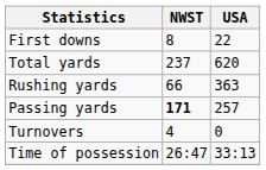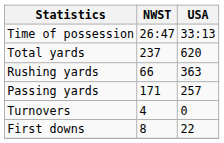 <table class="wikitable" style="float: left;">
 <tr>
 <th>Statistics</th>
 <th>NWST</th>
 <th>USA</th>
 </tr>
 <tr>
-<td>First downs</td>
-<td>8</td>
-<td>22</td>
+<td>Time of possession</td>
+<td>26:47</td>
+<td>33:13</td>
 </tr>
 <tr>
 <td>Total yards</td>
 <td>237</td>
 <td>620</td>
 </tr>
 <tr>
 <td>Rushing yards</td>
 <td>66</td>
 <td>363</td>
 </tr>
 <tr>
 <td>Passing yards</td>
-<td><strong>171</strong></td>
+<td>171</td>
 <td>257</td>
 </tr>
 <tr>
 <td>Turnovers</td>
 <td>4</td>
 <td>0</td>
 </tr>
 <tr>
-<td>Time of possession</td>
-<td>26:47</td>
-<td>33:13</td>
+<td>First downs</td>
+<td>8</td>
+<td>22</td>
 </tr>
 <tr>
 </tr>
 </table>
